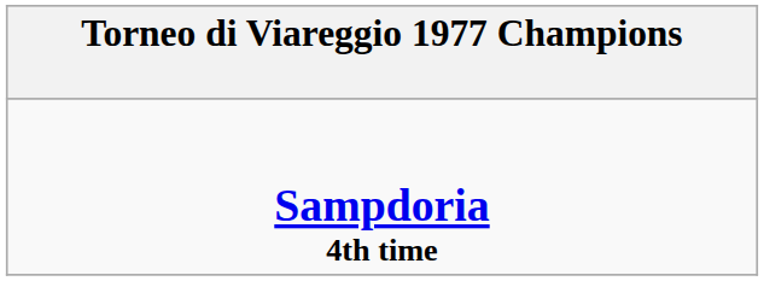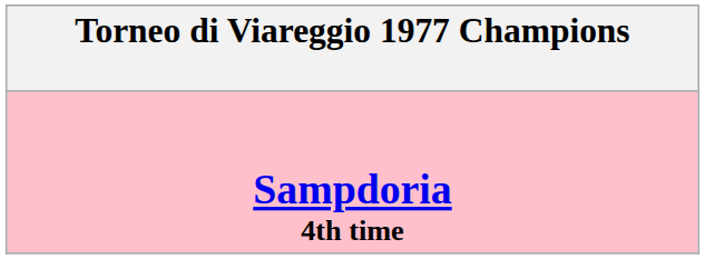 <table class="wikitable" style="margin: 0 auto; width: 30%;">
 <tr>
 <th><big>Torneo di Viareggio 1977 Champions</big><br><br></th>
 </tr>
 <tr>
-<td align=center><br><br><big><big><strong><a href='#'>Sampdoria</a></strong><br></big></big><strong>4th time</strong></td>
+<td align=center style="background: pink;"><br><br><big><big><strong><a href='#'>Sampdoria</a></strong><br></big></big><strong>4th time</strong></td>
 </tr>
 </table>
